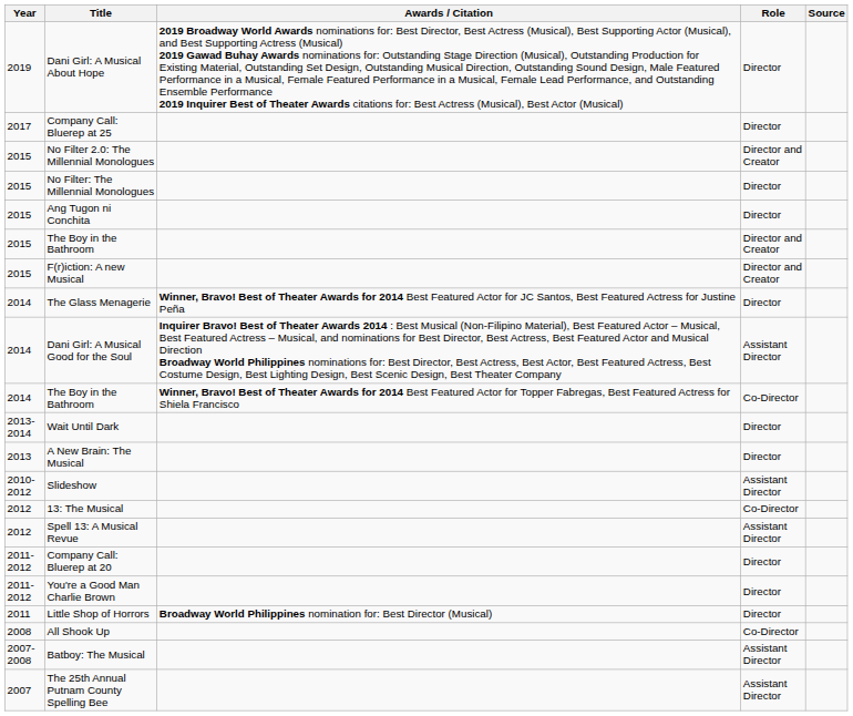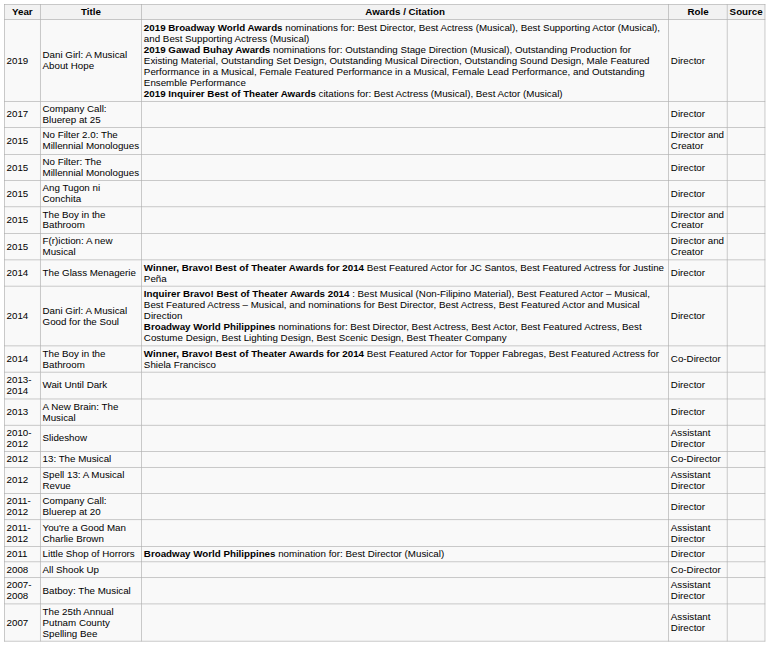 <table class="wikitable sortable">
 <tr>
 <th>Year</th>
 <th>Title</th>
 <th>Awards / Citation</th>
 <th>Role</th>
 <th class="unsortable">Source</th>
 </tr>
 <tr>
 <td>2019</td>
 <td>Dani Girl: A Musical About Hope</td>
 <td><strong>2019 Broadway World Awards</strong> nominations for: Best Director, Best Actress (Musical), Best Supporting Actor (Musical), and Best Supporting Actress (Musical)<br><strong>2019 Gawad Buhay Awards</strong> nominations for: Outstanding Stage Direction (Musical), Outstanding Production for Existing Material, Outstanding Set Design, Outstanding Musical Direction, Outstanding Sound Design, Male Featured Performance in a Musical, Female Featured Performance in a Musical, Female Lead Performance, and Outstanding Ensemble Performance<br><strong>2019 Inquirer Best of Theater Awards</strong> citations for: Best Actress (Musical), Best Actor (Musical)</td>
 <td>Director</td>
 <td><br></td>
 </tr>
 <tr>
 <td>2017</td>
 <td>Company Call: Bluerep at 25</td>
 <td></td>
 <td>Director</td>
 <td></td>
 </tr>
 <tr>
 <td>2015</td>
 <td>No Filter 2.0: The Millennial Monologues</td>
 <td></td>
 <td>Director and Creator</td>
 <td></td>
 </tr>
 <tr>
 <td>2015</td>
 <td>No Filter: The Millennial Monologues</td>
 <td></td>
 <td>Director</td>
 <td></td>
 </tr>
 <tr>
 <td>2015</td>
 <td>Ang Tugon ni Conchita</td>
 <td></td>
 <td>Director</td>
 <td></td>
 </tr>
 <tr>
 <td>2015</td>
 <td>The Boy in the Bathroom</td>
 <td></td>
 <td>Director and Creator</td>
 <td></td>
 </tr>
 <tr>
 <td>2015</td>
 <td>F(r)iction: A new Musical</td>
 <td></td>
 <td>Director and Creator</td>
 <td></td>
 </tr>
 <tr>
 <td>2014</td>
 <td>The Glass Menagerie</td>
 <td><strong>Winner, Bravo! Best of Theater Awards for 2014</strong> Best Featured Actor for JC Santos, Best Featured Actress for Justine Peña</td>
 <td>Director</td>
 <td></td>
 </tr>
 <tr>
 <td>2014</td>
 <td>Dani Girl: A Musical Good for the Soul</td>
 <td><strong>Inquirer Bravo! Best of Theater Awards 2014</strong> : Best Musical (Non-Filipino Material), Best Featured Actor – Musical, Best Featured Actress – Musical, and nominations for Best Director, Best Actress, Best Featured Actor and Musical Direction<br><strong>Broadway World Philippines</strong> nominations for: Best Director, Best Actress,  Best Actor, Best Featured Actress, Best Costume Design, Best Lighting Design, Best Scenic Design, Best Theater Company</td>
-<td>Assistant Director</td>
+<td>Director</td>
 <td></td>
 </tr>
 <tr>
 <td>2014</td>
 <td>The Boy in the Bathroom</td>
 <td><strong>Winner, Bravo! Best of Theater Awards for 2014</strong>  Best Featured Actor for Topper Fabregas, Best Featured Actress for Shiela Francisco</td>
 <td>Co-Director</td>
 <td></td>
 </tr>
 <tr>
 <td>2013-2014</td>
 <td>Wait Until Dark</td>
 <td></td>
 <td>Director</td>
 <td></td>
 </tr>
 <tr>
 <td>2013</td>
 <td>A New Brain: The Musical</td>
 <td></td>
 <td>Director</td>
 <td></td>
 </tr>
 <tr>
 <td>2010-2012</td>
 <td>Slideshow</td>
 <td></td>
 <td>Assistant Director</td>
 <td></td>
 </tr>
 <tr>
 <td>2012</td>
 <td>13: The Musical</td>
 <td></td>
 <td>Co-Director</td>
 <td></td>
 </tr>
 <tr>
 <td>2012</td>
 <td>Spell 13: A Musical Revue</td>
 <td></td>
 <td>Assistant Director</td>
 <td></td>
 </tr>
 <tr>
 <td>2011-2012</td>
 <td>Company Call: Bluerep at 20</td>
 <td></td>
 <td>Director</td>
 <td></td>
 </tr>
 <tr>
 <td>2011-2012</td>
 <td>You're a Good Man Charlie Brown</td>
 <td></td>
-<td>Director</td>
+<td>Assistant Director</td>
 <td></td>
 </tr>
 <tr>
 <td>2011</td>
 <td>Little Shop of Horrors</td>
 <td><strong>Broadway World Philippines</strong> nomination for: Best Director (Musical)</td>
 <td>Director</td>
 <td></td>
 </tr>
 <tr>
 <td>2008</td>
 <td>All Shook Up</td>
 <td></td>
 <td>Co-Director</td>
 <td></td>
 </tr>
 <tr>
 <td>2007-2008</td>
 <td>Batboy: The Musical</td>
 <td></td>
 <td>Assistant Director</td>
 <td></td>
 </tr>
 <tr>
 <td>2007</td>
 <td>The 25th Annual Putnam County Spelling Bee</td>
 <td></td>
 <td>Assistant Director</td>
 <td></td>
 </tr>
 </table>
